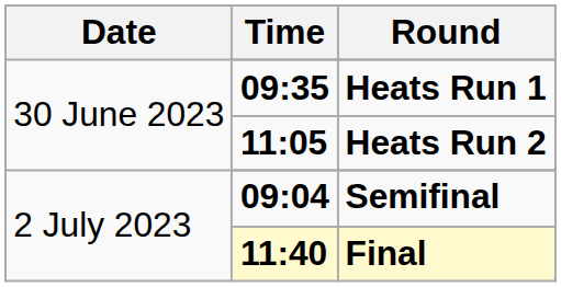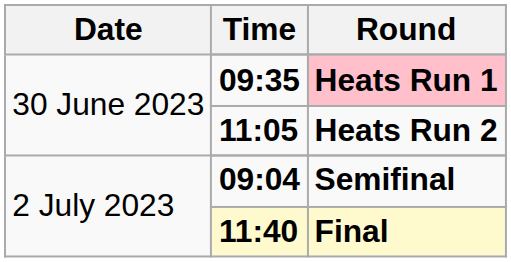 <table class="wikitable">
 <tr>
 <th>Date</th>
 <th>Time</th>
 <th>Round</th>
 </tr>
 <tr>
 <td rowspan=3>30 June 2023</td>
 </tr>
 <tr>
 <td><strong>09:35</strong></td>
-<td><strong>Heats Run 1</strong></td>
+<td style="background: pink;"><strong>Heats Run 1</strong></td>
 </tr>
 <tr>
 <td><strong>11:05</strong></td>
 <td><strong>Heats Run 2</strong></td>
 </tr>
 <tr>
 <td rowspan=3>2 July 2023</td>
 </tr>
 <tr>
 <td><strong>09:04</strong></td>
 <td><strong>Semifinal</strong></td>
 </tr>
 <tr style=background:lemonchiffon>
 <td><strong>11:40</strong></td>
 <td><strong>Final</strong></td>
 </tr>
 </table>
